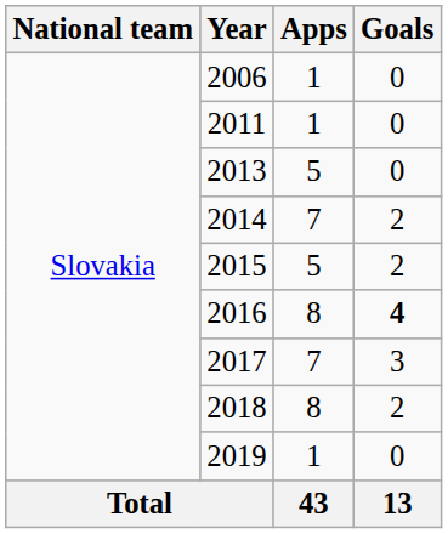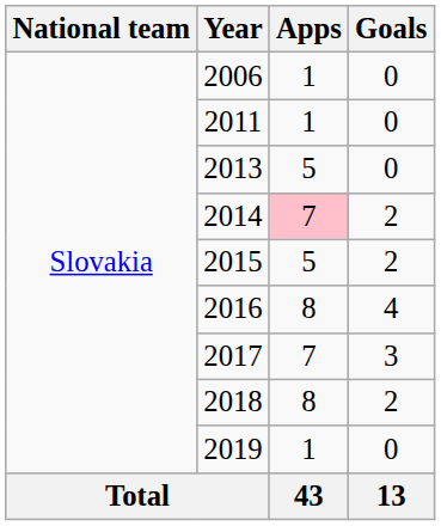 <table class="wikitable" style="text-align:center">
 <tr>
 <th>National team</th>
 <th>Year</th>
 <th>Apps</th>
 <th>Goals</th>
 </tr>
 <tr>
 <td rowspan="9"><a href='#'>Slovakia</a></td>
 <td>2006</td>
 <td>1</td>
 <td>0</td>
 </tr>
 <tr>
 <td>2011</td>
 <td>1</td>
 <td>0</td>
 </tr>
 <tr>
 <td>2013</td>
 <td>5</td>
 <td>0</td>
 </tr>
 <tr>
 <td>2014</td>
-<td>7</td>
+<td style="background: pink;">7</td>
 <td>2</td>
 </tr>
 <tr>
 <td>2015</td>
 <td>5</td>
 <td>2</td>
 </tr>
 <tr>
 <td>2016</td>
 <td>8</td>
-<td><strong>4</strong></td>
+<td>4</td>
 </tr>
 <tr>
 <td>2017</td>
 <td>7</td>
 <td>3</td>
 </tr>
 <tr>
 <td>2018</td>
 <td>8</td>
 <td>2</td>
 </tr>
 <tr>
 <td>2019</td>
 <td>1</td>
 <td>0</td>
 </tr>
 <tr>
 <th colspan="2">Total</th>
 <th>43</th>
 <th>13</th>
 </tr>
 </table>
